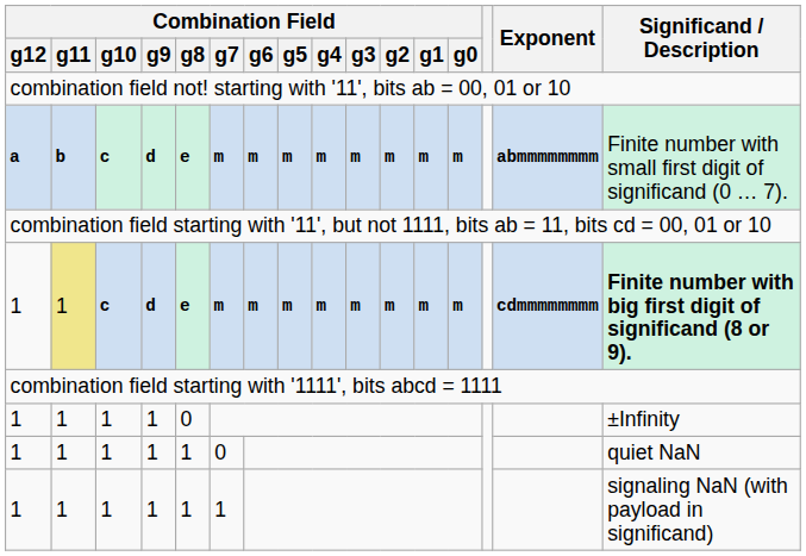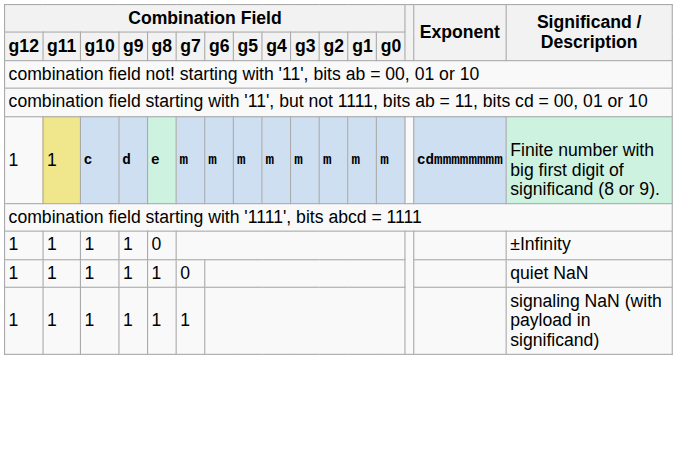 <table class="wikitable" style="text-align:left; border-width:0;">
 <tr>
 <th colspan="13">Combination Field</th>
 <th rowspan="2"></th>
 <th rowspan="2">Exponent</th>
 <th rowspan="2">Significand / Description</th>
 </tr>
 <tr>
 <th>g12</th>
 <th>g11</th>
 <th>g10</th>
 <th>g9</th>
 <th>g8</th>
 <th>g7</th>
 <th>g6</th>
 <th>g5</th>
 <th>g4</th>
 <th>g3</th>
 <th>g2</th>
 <th>g1</th>
 <th>g0</th>
 </tr>
 <tr>
 <td colspan="16">combination field not! starting with '11', bits ab = 00, 01 or 10</td>
 </tr>
 <tr>
-<td style="font-family:monospace; background:#cedff2;"><strong>a</strong></td>
-<td style="font-family:monospace; background:#cedff2;"><strong>b</strong></td>
-<td style="font-family:monospace; background:#cef2e0;"><strong>c</strong></td>
-<td style="font-family:monospace; background:#cef2e0;"><strong>d</strong></td>
-<td style="font-family:monospace; background:#cef2e0;"><strong>e</strong></td>
-<td style="font-family:monospace; background:#cedff2;"><strong>m</strong></td>
-<td style="font-family:monospace; background:#cedff2;"><strong>m</strong></td>
-<td style="font-family:monospace; background:#cedff2;"><strong>m</strong></td>
-<td style="font-family:monospace; background:#cedff2;"><strong>m</strong></td>
-<td style="font-family:monospace; background:#cedff2;"><strong>m</strong></td>
-<td style="font-family:monospace; background:#cedff2;"><strong>m</strong></td>
-<td style="font-family:monospace; background:#cedff2;"><strong>m</strong></td>
-<td style="font-family:monospace; background:#cedff2;"><strong>m</strong></td>
-<td></td>
-<td style="font-family:monospace; background:#cedff2;"><strong>abmmmmmmmm</strong></td>
-<td style="background:#cef2e0;"><br>Finite number with small first digit of significand (0 … 7).</td>
-</tr>
-<tr>
 <td colspan="16">combination field starting with '11', but not 1111, bits ab = 11, bits cd = 00, 01 or 10</td>
 </tr>
 <tr>
 <td>1</td>
 <td style="background: khaki;">1</td>
 <td style="font-family:monospace; background:#cedff2;"><strong>c</strong></td>
 <td style="font-family:monospace; background:#cedff2;"><strong>d</strong></td>
 <td style="font-family:monospace; background:#cef2e0;"><strong>e</strong></td>
 <td style="font-family:monospace; background:#cedff2;"><strong>m</strong></td>
 <td style="font-family:monospace; background:#cedff2;"><strong>m</strong></td>
 <td style="font-family:monospace; background:#cedff2;"><strong>m</strong></td>
 <td style="font-family:monospace; background:#cedff2;"><strong>m</strong></td>
 <td style="font-family:monospace; background:#cedff2;"><strong>m</strong></td>
 <td style="font-family:monospace; background:#cedff2;"><strong>m</strong></td>
 <td style="font-family:monospace; background:#cedff2;"><strong>m</strong></td>
 <td style="font-family:monospace; background:#cedff2;"><strong>m</strong></td>
 <td></td>
 <td style="font-family:monospace; background:#cedff2;"><strong>cdmmmmmmmm</strong></td>
-<td style="background:#cef2e0;"><strong><br>Finite number with big first digit of significand (8 or 9).</strong></td>
+<td style="background:#cef2e0;"><br>Finite number with big first digit of significand (8 or 9).</td>
 </tr>
 <tr>
 <td colspan="16">combination field starting with '1111', bits abcd = 1111</td>
 </tr>
 <tr>
 <td>1</td>
 <td>1</td>
 <td>1</td>
 <td>1</td>
 <td>0</td>
 <td colspan="8"></td>
 <td rowspan="3"></td>
 <td></td>
 <td>±Infinity</td>
 </tr>
 <tr>
 <td>1</td>
 <td>1</td>
 <td>1</td>
 <td>1</td>
 <td>1</td>
 <td>0</td>
 <td colspan="7"></td>
 <td></td>
 <td>quiet NaN</td>
 </tr>
 <tr>
 <td>1</td>
 <td>1</td>
 <td>1</td>
 <td>1</td>
 <td>1</td>
 <td>1</td>
 <td colspan="7"></td>
 <td></td>
 <td>signaling NaN (with payload in significand)</td>
 </tr>
 </table>
